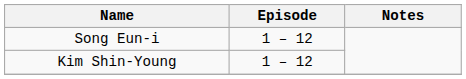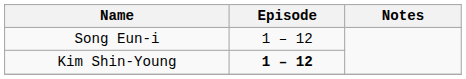 <table class=wikitable style=text-align:center>
 <tr>
 <th style=width:200px>Name</th>
 <th style=width:100px>Episode</th>
 <th style=width:100px>Notes</th>
 </tr>
 <tr>
 <td>Song Eun-i</td>
 <td>1 – 12</td>
 <td rowspan=2></td>
 </tr>
 <tr>
 <td>Kim Shin-Young</td>
-<td>1 – 12</td>
+<td><strong>1 – 12</strong></td>
 </tr>
 <tr>
 </tr>
 </table>
